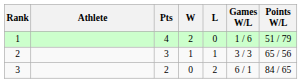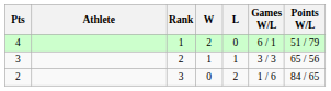 <table class="wikitable" style="text-align: center; font-size:90% ">
 <tr>
+<th width="30">Pts</th>
+<th width="180">Athlete</th>
 <th width="20">Rank</th>
-<th width="180">Athlete</th>
-<th width="30">Pts</th>
 <th width="30">W</th>
 <th width="30">L</th>
 <th width="40">Games<br>W/L</th>
 <th width="50">Points<br>W/L</th>
 </tr>
 <tr bgcolor=#ccffcc>
+<td>4</td>
+<td align=left></td>
 <td>1</td>
-<td align=left></td>
-<td>4</td>
 <td>2</td>
 <td>0</td>
-<td>1 / 6</td>
+<td>6 / 1</td>
 <td>51 / 79</td>
 </tr>
 <tr>
+<td>3</td>
+<td align=left></td>
 <td>2</td>
-<td align=left></td>
-<td>3</td>
 <td>1</td>
 <td>1</td>
 <td>3 / 3</td>
 <td>65 / 56</td>
 </tr>
 <tr>
+<td>2</td>
+<td align=left></td>
 <td>3</td>
-<td align=left></td>
-<td>2</td>
 <td>0</td>
 <td>2</td>
-<td>6 / 1</td>
+<td>1 / 6</td>
 <td>84 / 65</td>
 </tr>
 </table>
